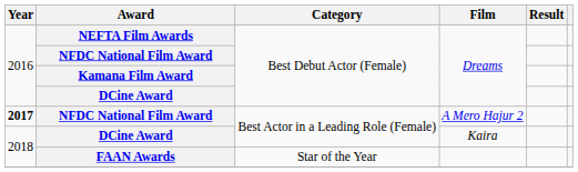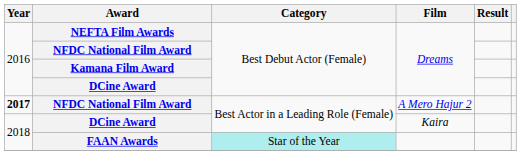 <table class="wikitable sortable plainrowheaders">
 <tr>
 <th scope="col" class="unsortable">Year</th>
 <th scope="col" class="unsortable" style="width:35%;">Award</th>
 <th scope="col" class="unsortable">Category</th>
 <th>Film</th>
 <th scope="col" class="unsortable">Result</th>
 <th scope="col" class="unsortable"></th>
 </tr>
 <tr>
 <td rowspan="4">2016</td>
 <th scope="row"><a href='#'>NEFTA Film Awards</a></th>
 <td rowspan="4" style="text-align: center;">Best Debut Actor (Female)</td>
 <td rowspan="4" style="text-align: center;"><a href='#'><em>Dreams</em></a></td>
 <td></td>
 <td style="text-align: center;"></td>
 </tr>
 <tr>
 <th scope="row"><a href='#'>NFDC National Film Award</a></th>
 <td></td>
 <td style="text-align: center;"></td>
 </tr>
 <tr>
 <th scope="row"><a href='#'>Kamana Film Award</a></th>
 <td></td>
 <td style="text-align: center;"></td>
 </tr>
 <tr>
 <th scope="row"><a href='#'>DCine Award</a></th>
 <td></td>
 <td style="text-align: center;"></td>
 </tr>
 <tr>
 <td><strong>2017</strong></td>
 <th scope="row"><a href='#'>NFDC National Film Award</a></th>
 <td rowspan="2" style="text-align: center;">Best Actor in a Leading Role (Female)</td>
 <td style="text-align: center;"><em><a href='#'>A Mero Hajur 2</a></em></td>
 <td></td>
 <td style="text-align: center;"></td>
 </tr>
 <tr>
 <td rowspan="2">2018</td>
 <th scope="row"><a href='#'>DCine Award</a></th>
 <td style="text-align: center;"><em>Kaira</em></td>
 <td></td>
 <td style="text-align: center;"></td>
 </tr>
 <tr>
 <th scope="row"><a href='#'>FAAN Awards</a></th>
-<td style="text-align: center;">Star of the Year</td>
+<td style="background: paleturquoise; text-align: center;">Star of the Year</td>
 <td></td>
 <td></td>
 <td style="text-align: center;"></td>
 </tr>
 <tr>
 </tr>
 </table>
